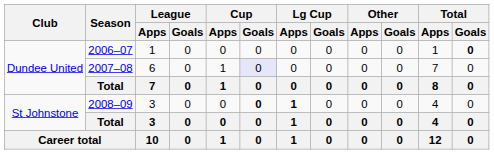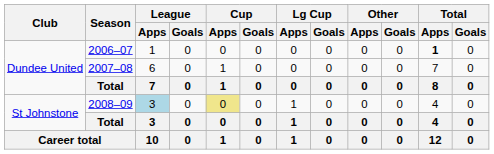 <table class="wikitable" style="font-size:95%; text-align:center">
 <tr>
 <th rowspan="2">Club</th>
 <th rowspan="2">Season</th>
 <th colspan="2">League</th>
 <th colspan="2">Cup</th>
 <th colspan="2">Lg Cup</th>
 <th colspan="2">Other</th>
 <th colspan="2">Total</th>
 </tr>
 <tr>
 <th>Apps</th>
 <th>Goals</th>
 <th>Apps</th>
 <th>Goals</th>
 <th>Apps</th>
 <th>Goals</th>
 <th>Apps</th>
 <th>Goals</th>
 <th>Apps</th>
 <th>Goals</th>
 </tr>
 <tr>
 <td rowspan="3"><a href='#'>Dundee United</a></td>
 <td><a href='#'>2006–07</a></td>
 <td>1</td>
 <td>0</td>
 <td>0</td>
 <td>0</td>
 <td>0</td>
 <td>0</td>
 <td>0</td>
 <td>0</td>
-<td>1</td>
-<td><strong>0</strong></td>
+<td><strong>1</strong></td>
+<td>0</td>
 </tr>
 <tr>
 <td><a href='#'>2007–08</a></td>
 <td>6</td>
 <td>0</td>
 <td>1</td>
-<td style="background: lavender;">0</td>
+<td>0</td>
 <td>0</td>
 <td>0</td>
 <td>0</td>
 <td>0</td>
 <td>7</td>
 <td>0</td>
 </tr>
 <tr>
 <th>Total</th>
 <th>7</th>
 <th>0</th>
 <th>1</th>
 <th>0</th>
 <th>0</th>
 <th>0</th>
 <th>0</th>
 <th>0</th>
 <th>8</th>
 <th>0</th>
 </tr>
 <tr>
 <td rowspan="2"><a href='#'>St Johnstone</a></td>
 <td><a href='#'>2008–09</a></td>
-<td>3</td>
+<td style="background: lightblue;">3</td>
 <td>0</td>
+<td style="background: khaki;">0</td>
 <td>0</td>
-<td><strong>0</strong></td>
-<td><strong>1</strong></td>
+<td>1</td>
 <td>0</td>
 <td>0</td>
 <td>0</td>
 <td>4</td>
 <td>0</td>
 </tr>
 <tr>
 <th>Total</th>
 <th>3</th>
 <th>0</th>
 <th>0</th>
 <th>0</th>
 <th>1</th>
 <th>0</th>
 <th>0</th>
 <th>0</th>
 <th>4</th>
 <th>0</th>
 </tr>
 <tr>
 <th colspan="2">Career total</th>
 <th>10</th>
 <th>0</th>
 <th>1</th>
 <th>0</th>
 <th>1</th>
 <th>0</th>
 <th>0</th>
 <th>0</th>
 <th>12</th>
 <th>0</th>
 </tr>
 </table>
